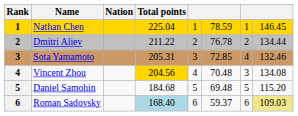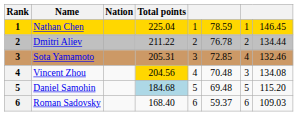 <table class="wikitable sortable">
 <tr>
 <th>Rank</th>
 <th>Name</th>
 <th>Nation</th>
 <th>Total points</th>
 <th colspan="2" width="80px"></th>
 <th colspan="2" width="80px"></th>
 </tr>
 <tr bgcolor="gold">
 <td align="center"><strong>1</strong></td>
 <td><a href='#'>Nathan Chen</a></td>
 <td></td>
 <td align="center">225.04</td>
 <td align="center">1</td>
 <td align="center">78.59</td>
 <td align="center">1</td>
 <td align="center">146.45</td>
 </tr>
 <tr bgcolor="silver">
 <td align="center"><strong>2</strong></td>
 <td><a href='#'>Dmitri Aliev</a></td>
 <td></td>
 <td align="center">211.22</td>
 <td align="center">2</td>
 <td align="center">76.78</td>
 <td align="center">2</td>
 <td align="center">134.44</td>
 </tr>
 <tr bgcolor="cc9966">
 <td align="center"><strong>3</strong></td>
 <td><a href='#'>Sota Yamamoto</a></td>
 <td></td>
 <td align="center">205.31</td>
 <td align="center">3</td>
 <td align="center">72.85</td>
 <td align="center">4</td>
 <td align="center">132.46</td>
 </tr>
 <tr>
 <th>4</th>
 <td><a href='#'>Vincent Zhou</a></td>
 <td></td>
 <td align="center" style="background: gold;">204.56</td>
 <td align="center">4</td>
 <td align="center">70.48</td>
 <td align="center">3</td>
 <td align="center">134.08</td>
 </tr>
 <tr>
 <th>5</th>
 <td><a href='#'>Daniel Samohin</a></td>
 <td></td>
-<td align="center">184.68</td>
+<td align="center" style="background: lightblue;">184.68</td>
 <td align="center">5</td>
 <td align="center">69.48</td>
 <td align="center">5</td>
 <td align="center">115.20</td>
 </tr>
 <tr>
 <th>6</th>
 <td><a href='#'>Roman Sadovsky</a></td>
 <td></td>
-<td align="center" style="background: lightblue;">168.40</td>
+<td align="center">168.40</td>
 <td align="center">6</td>
 <td align="center">59.37</td>
 <td align="center">6</td>
-<td align="center" style="background: khaki;">109.03</td>
+<td align="center">109.03</td>
 </tr>
 </table>
